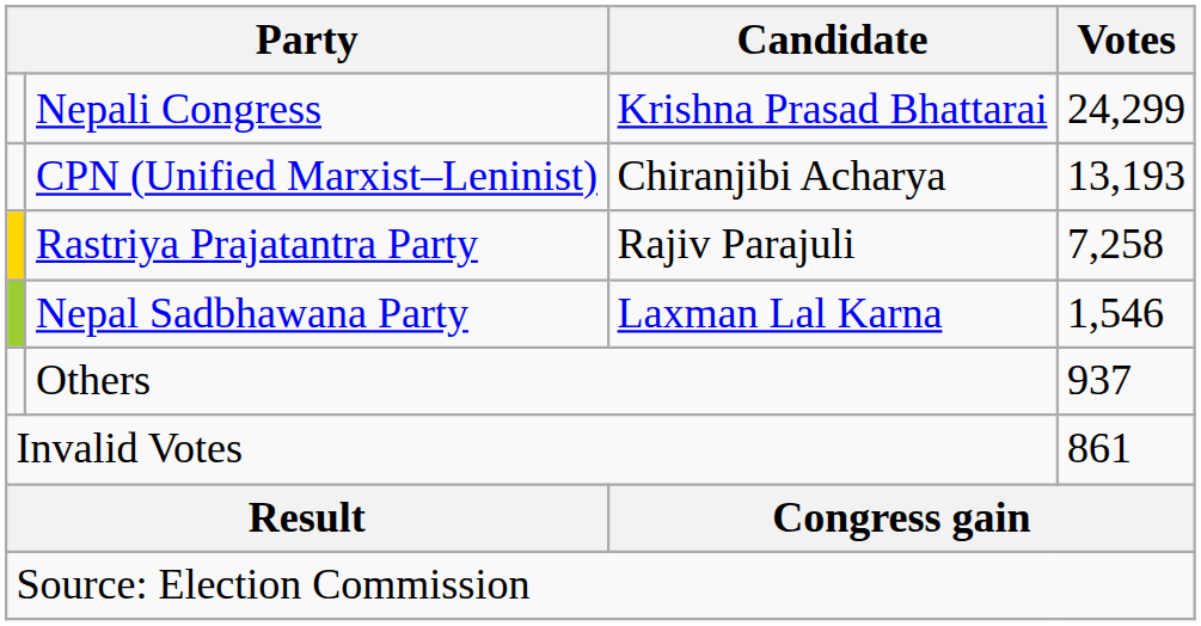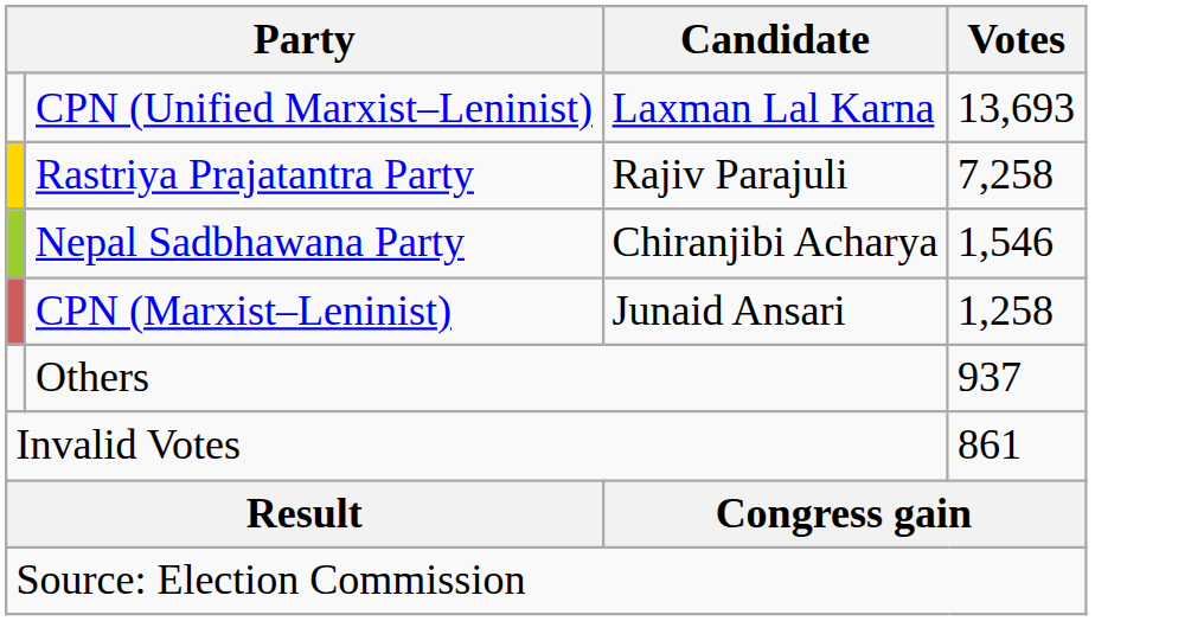 <table class="wikitable">
 <tr>
 <th colspan="2">Party</th>
 <th>Candidate</th>
 <th>Votes</th>
 </tr>
 <tr>
 <td style="background-color:"></td>
-<td><a href='#'>Nepali Congress</a></td>
-<td><a href='#'>Krishna Prasad Bhattarai</a></td>
-<td>24,299</td>
-</tr>
-<tr>
-<td style="background-color:"></td>
 <td><a href='#'>CPN (Unified Marxist–Leninist)</a></td>
-<td>Chiranjibi Acharya</td>
-<td>13,193</td>
+<td><a href='#'>Laxman Lal Karna</a></td>
+<td>13,693</td>
 </tr>
 <tr>
 <td style="background-color:gold"></td>
 <td><a href='#'>Rastriya Prajatantra Party</a></td>
 <td>Rajiv Parajuli</td>
 <td>7,258</td>
 </tr>
 <tr>
 <td style="background-color:yellowgreen"></td>
 <td><a href='#'>Nepal Sadbhawana Party</a></td>
-<td><a href='#'>Laxman Lal Karna</a></td>
+<td>Chiranjibi Acharya</td>
 <td>1,546</td>
+</tr>
+<tr>
+<td style="background-color:indianred"></td>
+<td><a href='#'>CPN (Marxist–Leninist)</a></td>
+<td>Junaid Ansari</td>
+<td>1,258</td>
 </tr>
 <tr>
 <td></td>
 <td colspan="2">Others</td>
 <td>937</td>
 </tr>
 <tr>
 <td colspan="3">Invalid Votes</td>
 <td>861</td>
 </tr>
 <tr>
 <th colspan="2">Result</th>
 <th colspan="2">Congress gain</th>
 </tr>
 <tr>
 <td colspan="4">Source: Election Commission</td>
 </tr>
 </table>
